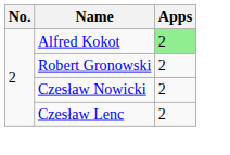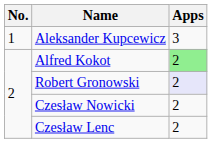 <table class="wikitable" style="display: inline-table;">
 <tr>
 <th>No.</th>
 <th>Name</th>
 <th>Apps</th>
+</tr>
+<tr>
+<td>1</td>
+<td><a href='#'>Aleksander Kupcewicz</a></td>
+<td>3</td>
 </tr>
 <tr>
 <td rowspan=4>2</td>
 <td><a href='#'>Alfred Kokot</a></td>
 <td style="background: lightgreen;">2</td>
 </tr>
 <tr>
 <td><a href='#'>Robert Gronowski</a></td>
-<td>2</td>
+<td style="background: lavender;">2</td>
 </tr>
 <tr>
 <td><a href='#'>Czesław Nowicki</a></td>
 <td>2</td>
 </tr>
 <tr>
 <td><a href='#'>Czesław Lenc</a></td>
 <td>2</td>
 </tr>
 </table>
